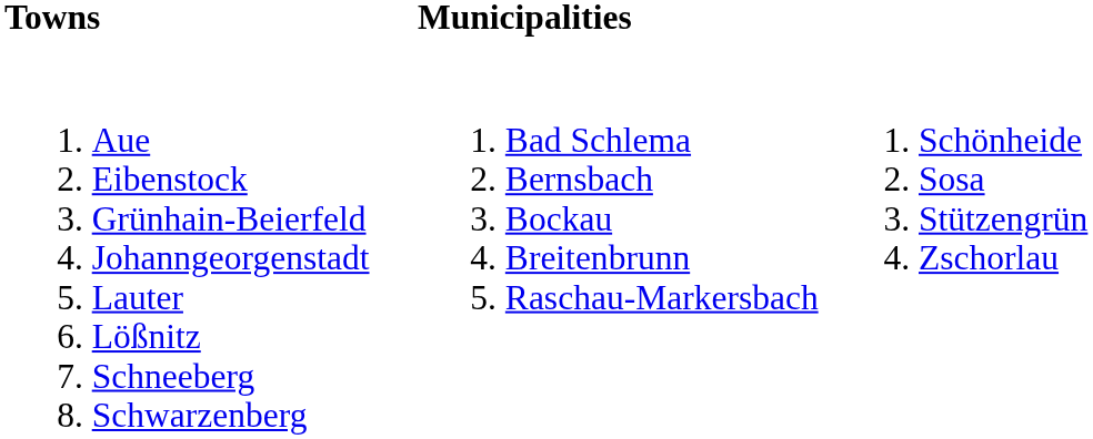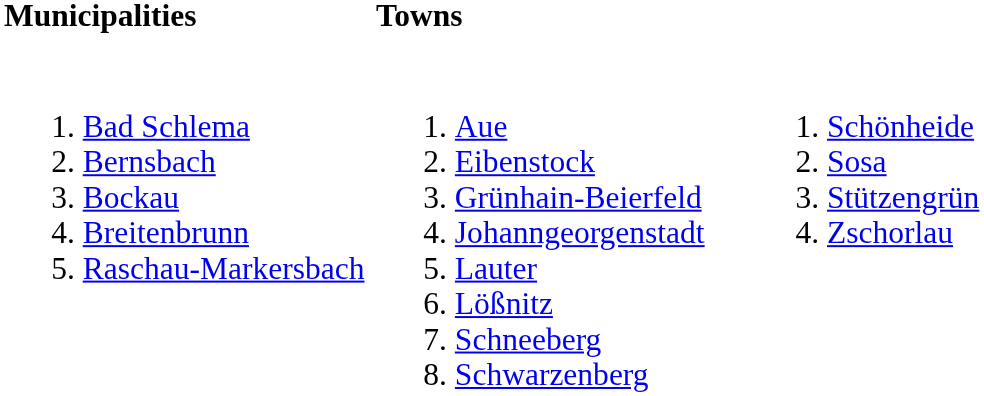 <table>
 <tr>
+<th align=left width=33%>Municipalities</th>
 <th align=left width=33%>Towns</th>
-<th align=left width=33%>Municipalities</th>
 <th align=left width=33%></th>
 </tr>
 <tr valign=top>
+<td><br><ol><li><a href='#'>Bad Schlema</a></li><li><a href='#'>Bernsbach</a></li><li><a href='#'>Bockau</a></li><li><a href='#'>Breitenbrunn</a></li><li><a href='#'>Raschau-Markersbach</a></li></ol></td>
 <td><br><ol><li><a href='#'>Aue</a></li><li><a href='#'>Eibenstock</a></li><li><a href='#'>Grünhain-Beierfeld</a></li><li><a href='#'>Johanngeorgenstadt</a></li><li><a href='#'>Lauter</a></li><li><a href='#'>Lößnitz</a></li><li><a href='#'>Schneeberg</a></li><li><a href='#'>Schwarzenberg</a></li></ol></td>
-<td><br><ol><li><a href='#'>Bad Schlema</a></li><li><a href='#'>Bernsbach</a></li><li><a href='#'>Bockau</a></li><li><a href='#'>Breitenbrunn</a></li><li><a href='#'>Raschau-Markersbach</a></li></ol></td>
 <td><br><ol> <li> <a href='#'>Schönheide</a></li> <li> <a href='#'>Sosa</a></li> <li> <a href='#'>Stützengrün</a></li> <li> <a href='#'>Zschorlau</a></li> </ol></td>
 </tr>
 </table>
